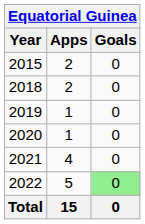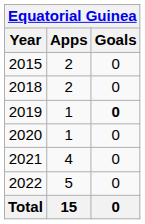 <table class="wikitable" style="text-align:center">
 <tr>
 <th colspan=3><a href='#'>Equatorial Guinea</a></th>
 </tr>
 <tr>
 <th>Year</th>
 <th>Apps</th>
 <th>Goals</th>
 </tr>
 <tr>
 <td>2015</td>
 <td>2</td>
 <td>0</td>
 </tr>
 <tr>
 <td>2018</td>
 <td>2</td>
 <td>0</td>
 </tr>
 <tr>
 <td>2019</td>
 <td>1</td>
-<td>0</td>
+<td><strong>0</strong></td>
 </tr>
 <tr>
 <td>2020</td>
 <td>1</td>
 <td>0</td>
 </tr>
 <tr>
 <td>2021</td>
 <td>4</td>
 <td>0</td>
 </tr>
 <tr>
 <td>2022</td>
 <td>5</td>
-<td style="background: lightgreen;">0</td>
+<td>0</td>
 </tr>
 <tr>
 <th>Total</th>
 <th>15</th>
 <th>0</th>
 </tr>
 </table>
